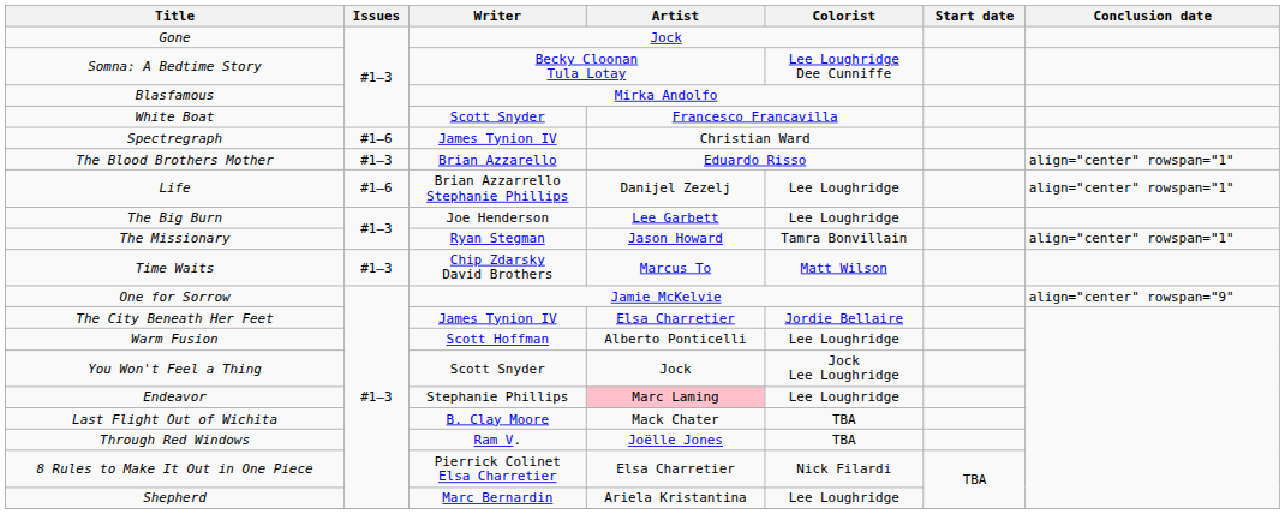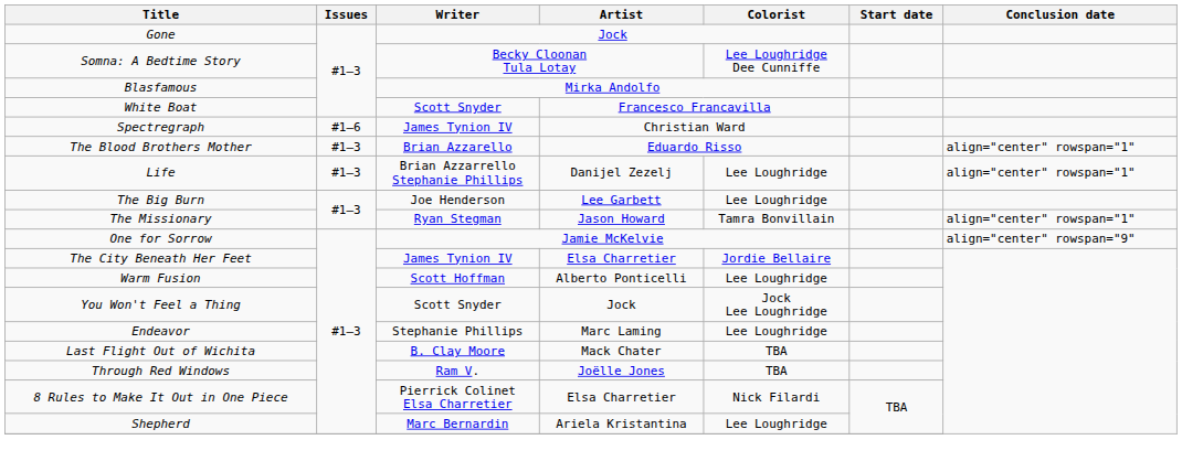 <table class="wikitable sortable collapsible" style="width:100%; margin:1em auto 1em auto;">
 <tr>
 <th scope="col">Title</th>
 <th scope="col">Issues</th>
 <th scope="col">Writer</th>
 <th scope="col">Artist</th>
 <th scope="col">Colorist</th>
 <th scope="col">Start date</th>
 <th scope="col">Conclusion date</th>
 </tr>
 <tr>
 <td align="center"><em>Gone</em></td>
 <td rowspan="4" align="center">#1–3</td>
 <td align="center" colspan="3"><a href='#'>Jock</a></td>
 <td align="center"></td>
 <td align="center"></td>
 </tr>
 <tr>
 <td align="center"><em>Somna: A Bedtime Story</em></td>
 <td colspan="2" align="center"><a href='#'>Becky Cloonan</a><br><a href='#'>Tula Lotay</a></td>
 <td align="center"><a href='#'>Lee Loughridge</a><br>Dee Cunniffe</td>
 <td align="center"></td>
 <td align="center"></td>
 </tr>
 <tr>
 <td align="center"><em>Blasfamous</em></td>
 <td align="center" colspan="3"><a href='#'>Mirka Andolfo</a></td>
 <td align="center"></td>
 <td align="center"></td>
 </tr>
 <tr>
 <td align="center"><em>White Boat</em></td>
 <td align="center"><a href='#'>Scott Snyder</a></td>
 <td align="center" colspan="2"><a href='#'>Francesco Francavilla</a></td>
 <td align="center"></td>
 <td align="center"></td>
 </tr>
 <tr>
 <td align="center"><em>Spectregraph</em></td>
 <td align="center">#1–6</td>
 <td align="center"><a href='#'>James Tynion IV</a></td>
 <td align="center" colspan="2">Christian Ward</td>
 <td align="center"></td>
 <td align="center"></td>
 </tr>
 <tr>
 <td align="center"><em>The Blood Brothers Mother</em></td>
 <td align="center">#1–3</td>
 <td align="center"><a href='#'>Brian Azzarello</a></td>
 <td align="center" colspan="2"><a href='#'>Eduardo Risso</a></td>
 <td align="center"></td>
 <td>align="center" rowspan="1" </td>
 </tr>
 <tr>
 <td align="center"><em>Life</em></td>
-<td align="center">#1–6</td>
+<td align="center">#1–3</td>
 <td align="center">Brian Azzarrello<br><a href='#'>Stephanie Phillips</a></td>
 <td align="center">Danijel Zezelj</td>
 <td align="center">Lee Loughridge</td>
 <td align="center"></td>
 <td>align="center" rowspan="1" </td>
 </tr>
 <tr>
 <td align="center"><em>The Big Burn</em></td>
 <td rowspan="2" align="center">#1–3</td>
 <td align="center">Joe Henderson</td>
 <td align="center"><a href='#'>Lee Garbett</a></td>
 <td align="center">Lee Loughridge</td>
 <td align="center"></td>
 <td align="center"></td>
 </tr>
 <tr>
 <td align="center"><em>The Missionary</em></td>
 <td align="center"><a href='#'>Ryan Stegman</a></td>
 <td align="center"><a href='#'>Jason Howard</a></td>
 <td align="center">Tamra Bonvillain</td>
 <td align="center"></td>
 <td>align="center" rowspan="1" </td>
-</tr>
-<tr>
-<td align="center"><em>Time Waits</em></td>
-<td align="center">#1–3</td>
-<td align="center"><a href='#'>Chip Zdarsky</a><br>David Brothers</td>
-<td align="center"><a href='#'>Marcus To</a></td>
-<td align="center"><a href='#'>Matt Wilson</a></td>
-<td align="center"></td>
-<td align="center"></td>
 </tr>
 <tr>
 <td align="center"><em>One for Sorrow</em></td>
 <td rowspan="9" align="center">#1–3</td>
 <td align="center" colspan="3"><a href='#'>Jamie McKelvie</a></td>
 <td align="center"></td>
 <td>align="center" rowspan="9" </td>
 </tr>
 <tr>
 <td align="center"><em>The City Beneath Her Feet</em></td>
 <td align="center"><a href='#'>James Tynion IV</a></td>
 <td align="center"><a href='#'>Elsa Charretier</a></td>
 <td align="center"><a href='#'>Jordie Bellaire</a></td>
 <td align="center"></td>
 </tr>
 <tr>
 <td align="center"><em>Warm Fusion</em></td>
 <td align="center"><a href='#'>Scott Hoffman</a></td>
 <td align="center">Alberto Ponticelli</td>
 <td align="center">Lee Loughridge</td>
 <td align="center"></td>
 </tr>
 <tr>
 <td align="center"><em>You Won't Feel a Thing</em></td>
 <td align="center">Scott Snyder</td>
 <td align="center">Jock</td>
 <td align="center">Jock<br>Lee Loughridge</td>
 <td align="center"></td>
 </tr>
 <tr>
 <td align="center"><em>Endeavor</em></td>
 <td align="center">Stephanie Phillips</td>
-<td align="center" style="background: pink;">Marc Laming</td>
+<td align="center">Marc Laming</td>
 <td align="center">Lee Loughridge</td>
 <td align="center"></td>
 </tr>
 <tr>
 <td align="center"><em>Last Flight Out of Wichita</em></td>
 <td align="center"><a href='#'>B. Clay Moore</a></td>
 <td align="center">Mack Chater</td>
 <td align="center">TBA</td>
 <td align="center"></td>
 </tr>
 <tr>
 <td align="center"><em>Through Red Windows</em></td>
 <td align="center"><a href='#'>Ram V</a>.</td>
 <td align="center"><a href='#'>Joëlle Jones</a></td>
 <td align="center">TBA</td>
 <td align="center"></td>
 </tr>
 <tr>
 <td align="center"><em>8 Rules to Make It Out in One Piece</em></td>
 <td align="center">Pierrick Colinet<br><a href='#'>Elsa Charretier</a></td>
 <td align="center">Elsa Charretier</td>
 <td align="center">Nick Filardi</td>
 <td rowspan="2" align="center">TBA</td>
 </tr>
 <tr>
 <td align="center"><em>Shepherd</em></td>
 <td align="center"><a href='#'>Marc Bernardin</a></td>
 <td align="center">Ariela Kristantina</td>
 <td align="center">Lee Loughridge</td>
 </tr>
 <tr>
 </tr>
 </table>
